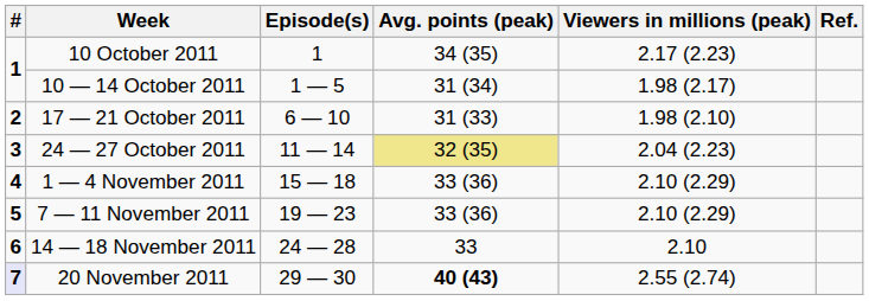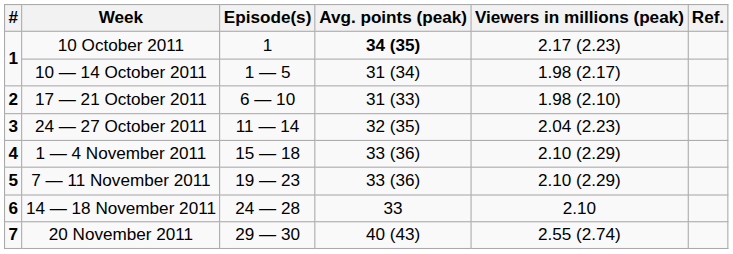 <table class="wikitable" style="text-align:center;">
 <tr>
 <th>#</th>
 <th>Week</th>
 <th>Episode(s)</th>
 <th>Avg. points (peak)</th>
 <th>Viewers in millions (peak)</th>
 <th>Ref.</th>
 </tr>
 <tr>
 <td rowspan="2"><strong>1</strong></td>
 <td>10 October 2011</td>
 <td>1</td>
-<td>34 (35)</td>
+<td><strong>34 (35)</strong></td>
 <td>2.17 (2.23)</td>
 <td></td>
 </tr>
 <tr>
 <td>10 —  14 October 2011</td>
 <td>1 — 5</td>
 <td>31 (34)</td>
 <td>1.98 (2.17)</td>
 <td></td>
 </tr>
 <tr>
 <td><strong>2</strong></td>
 <td>17 — 21 October 2011</td>
 <td>6 — 10</td>
 <td>31 (33)</td>
 <td>1.98 (2.10)</td>
 <td></td>
 </tr>
 <tr>
 <td><strong>3</strong></td>
 <td>24 — 27 October 2011</td>
 <td>11 — 14</td>
-<td style="background: khaki;">32 (35)</td>
+<td>32 (35)</td>
 <td>2.04 (2.23)</td>
 <td></td>
 </tr>
 <tr>
 <td><strong>4</strong></td>
 <td>1 — 4 November 2011</td>
 <td>15 — 18</td>
 <td>33 (36)</td>
 <td>2.10 (2.29)</td>
 <td></td>
 </tr>
 <tr>
 <td><strong>5</strong></td>
 <td>7 — 11 November 2011</td>
 <td>19 — 23</td>
 <td>33 (36)</td>
 <td>2.10 (2.29)</td>
 <td></td>
 </tr>
 <tr>
 <td><strong>6</strong></td>
 <td>14 — 18 November 2011</td>
 <td>24 — 28</td>
 <td>33</td>
 <td>2.10</td>
 <td></td>
 </tr>
 <tr>
-<td style="background: lavender;"><strong>7</strong></td>
+<td><strong>7</strong></td>
 <td>20 November 2011</td>
 <td>29 — 30</td>
-<td><strong>40 (43)</strong></td>
+<td>40 (43)</td>
 <td>2.55 (2.74)</td>
 <td></td>
 </tr>
 </table>
